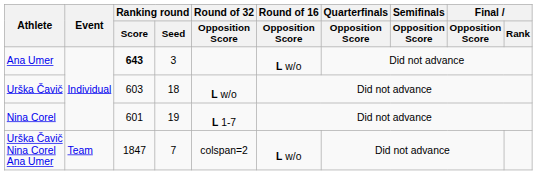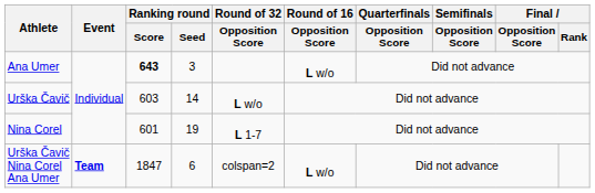 <table class="wikitable" style="font-size:90%">
 <tr>
 <th rowspan=2>Athlete</th>
 <th rowspan=2>Event</th>
 <th colspan=2>Ranking round</th>
 <th>Round of 32</th>
 <th>Round of 16</th>
 <th>Quarterfinals</th>
 <th>Semifinals</th>
 <th colspan=2>Final / </th>
 </tr>
 <tr style="font-size:95%">
 <th>Score</th>
 <th>Seed</th>
 <th>Opposition<br>Score</th>
 <th>Opposition<br>Score</th>
 <th>Opposition<br>Score</th>
 <th>Opposition<br>Score</th>
 <th>Opposition<br>Score</th>
 <th>Rank</th>
 </tr>
 <tr align=center>
 <td align=left><a href='#'>Ana Umer</a></td>
 <td align=left rowspan=3><a href='#'>Individual</a></td>
 <td><strong>643</strong></td>
 <td>3</td>
 <td></td>
 <td><br><strong>L</strong> w/o</td>
 <td colspan=4>Did not advance</td>
 </tr>
 <tr align=center>
 <td align=left><a href='#'>Urška Čavič</a></td>
 <td>603</td>
-<td>18</td>
+<td>14</td>
 <td><br><strong>L</strong> w/o</td>
 <td colspan=5>Did not advance</td>
 </tr>
 <tr align=center>
 <td align=left><a href='#'>Nina Corel</a></td>
 <td>601</td>
 <td>19</td>
 <td><br><strong>L</strong> 1-7</td>
 <td colspan=5>Did not advance</td>
 </tr>
 <tr align=center>
 <td align=left><a href='#'>Urška Čavič</a><br><a href='#'>Nina Corel</a><br><a href='#'>Ana Umer</a></td>
-<td align=left><a href='#'>Team</a></td>
+<td align=left><strong><a href='#'>Team</a></strong></td>
 <td>1847</td>
-<td>7</td>
+<td>6</td>
 <td>colspan=2 </td>
 <td><br><strong>L</strong> w/o</td>
 <td colspan=3>Did not advance</td>
 </tr>
 </table>
